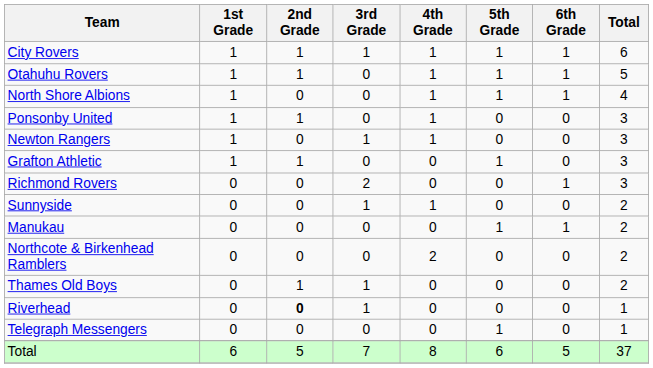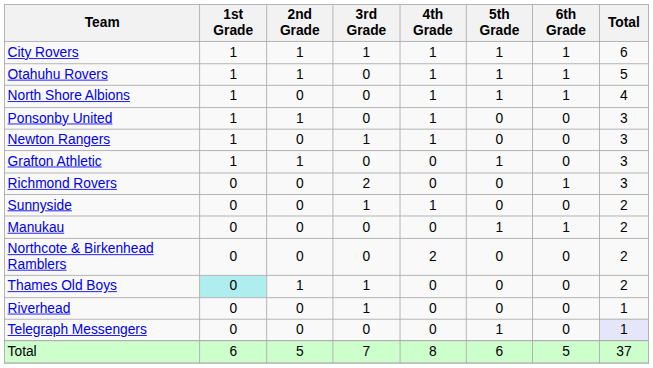 <table class="wikitable" style="text-align:center;">
 <tr>
 <th width=220>Team</th>
 <th width=70 abbr="1st Grade">1st Grade</th>
 <th width=70 abbr="2nd Grade">2nd Grade</th>
 <th width=70 abbr="3rd Grade">3rd Grade</th>
 <th width=70 abbr="4th Grade">4th Grade</th>
 <th width=70 abbr="5th Grade">5th Grade</th>
 <th width=70 abbr="6th Grade">6th Grade</th>
 <th width=50 abbr="Total">Total</th>
 </tr>
 <tr>
 <td style="text-align:left;"><a href='#'>City Rovers</a></td>
 <td>1</td>
 <td>1</td>
 <td>1</td>
 <td>1</td>
 <td>1</td>
 <td>1</td>
 <td>6</td>
 </tr>
 <tr>
 <td style="text-align:left;"><a href='#'>Otahuhu Rovers</a></td>
 <td>1</td>
 <td>1</td>
 <td>0</td>
 <td>1</td>
 <td>1</td>
 <td>1</td>
 <td>5</td>
 </tr>
 <tr>
 <td style="text-align:left;"><a href='#'>North Shore Albions</a></td>
 <td>1</td>
 <td>0</td>
 <td>0</td>
 <td>1</td>
 <td>1</td>
 <td>1</td>
 <td>4</td>
 </tr>
 <tr>
 <td style="text-align:left;"><a href='#'>Ponsonby United</a></td>
 <td>1</td>
 <td>1</td>
 <td>0</td>
 <td>1</td>
 <td>0</td>
 <td>0</td>
 <td>3</td>
 </tr>
 <tr>
 <td style="text-align:left;"><a href='#'>Newton Rangers</a></td>
 <td>1</td>
 <td>0</td>
 <td>1</td>
 <td>1</td>
 <td>0</td>
 <td>0</td>
 <td>3</td>
 </tr>
 <tr>
 <td style="text-align:left;"><a href='#'>Grafton Athletic</a></td>
 <td>1</td>
 <td>1</td>
 <td>0</td>
 <td>0</td>
 <td>1</td>
 <td>0</td>
 <td>3</td>
 </tr>
 <tr>
 <td style="text-align:left;"><a href='#'>Richmond Rovers</a></td>
 <td>0</td>
 <td>0</td>
 <td>2</td>
 <td>0</td>
 <td>0</td>
 <td>1</td>
 <td>3</td>
 </tr>
 <tr>
 <td style="text-align:left;"><a href='#'>Sunnyside</a></td>
 <td>0</td>
 <td>0</td>
 <td>1</td>
 <td>1</td>
 <td>0</td>
 <td>0</td>
 <td>2</td>
 </tr>
 <tr>
 <td style="text-align:left;"><a href='#'>Manukau</a></td>
 <td>0</td>
 <td>0</td>
 <td>0</td>
 <td>0</td>
 <td>1</td>
 <td>1</td>
 <td>2</td>
 </tr>
 <tr>
 <td style="text-align:left;"><a href='#'>Northcote & Birkenhead Ramblers</a></td>
 <td>0</td>
 <td>0</td>
 <td>0</td>
 <td>2</td>
 <td>0</td>
 <td>0</td>
 <td>2</td>
 </tr>
 <tr>
 <td style="text-align:left;"><a href='#'>Thames Old Boys</a></td>
-<td>0</td>
+<td style="background: paleturquoise;">0</td>
 <td>1</td>
 <td>1</td>
 <td>0</td>
 <td>0</td>
 <td>0</td>
 <td>2</td>
 </tr>
 <tr>
 <td style="text-align:left;"><a href='#'>Riverhead</a></td>
 <td>0</td>
-<td><strong>0</strong></td>
+<td>0</td>
 <td>1</td>
 <td>0</td>
 <td>0</td>
 <td>0</td>
 <td>1</td>
 </tr>
 <tr>
 <td style="text-align:left;"><a href='#'>Telegraph Messengers</a></td>
 <td>0</td>
 <td>0</td>
 <td>0</td>
 <td>0</td>
 <td>1</td>
 <td>0</td>
-<td>1</td>
+<td style="background: lavender;">1</td>
 </tr>
 <tr>
 </tr>
 <tr style="background: #ccffcc;">
 <td style="text-align:left;">Total</td>
 <td>6</td>
 <td>5</td>
 <td>7</td>
 <td>8</td>
 <td>6</td>
 <td>5</td>
 <td>37</td>
 </tr>
 <tr>
 </tr>
 </table>
